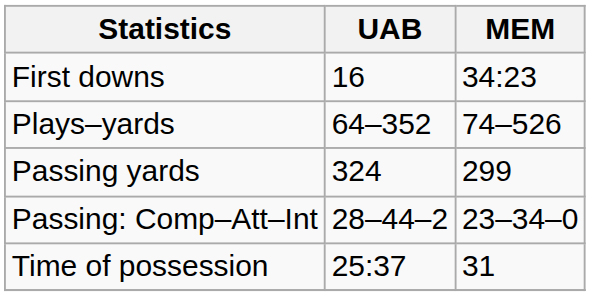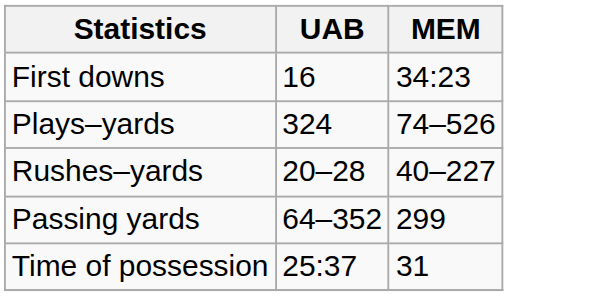 <table class="wikitable" style="float: left;">
 <tr>
 <th>Statistics</th>
 <th>UAB</th>
 <th>MEM</th>
 </tr>
 <tr>
 <td>First downs</td>
 <td>16</td>
 <td>34:23</td>
 </tr>
 <tr>
 <td>Plays–yards</td>
-<td>64–352</td>
+<td>324</td>
 <td>74–526</td>
 </tr>
 <tr>
-<td>Passing yards</td>
-<td>324</td>
-<td>299</td>
+<td>Rushes–yards</td>
+<td>20–28</td>
+<td>40–227</td>
 </tr>
 <tr>
-<td>Passing: Comp–Att–Int</td>
-<td>28–44–2</td>
-<td>23–34–0</td>
+<td>Passing yards</td>
+<td>64–352</td>
+<td>299</td>
 </tr>
 <tr>
 <td>Time of possession</td>
 <td>25:37</td>
 <td>31</td>
 </tr>
 <tr>
 </tr>
 </table>
